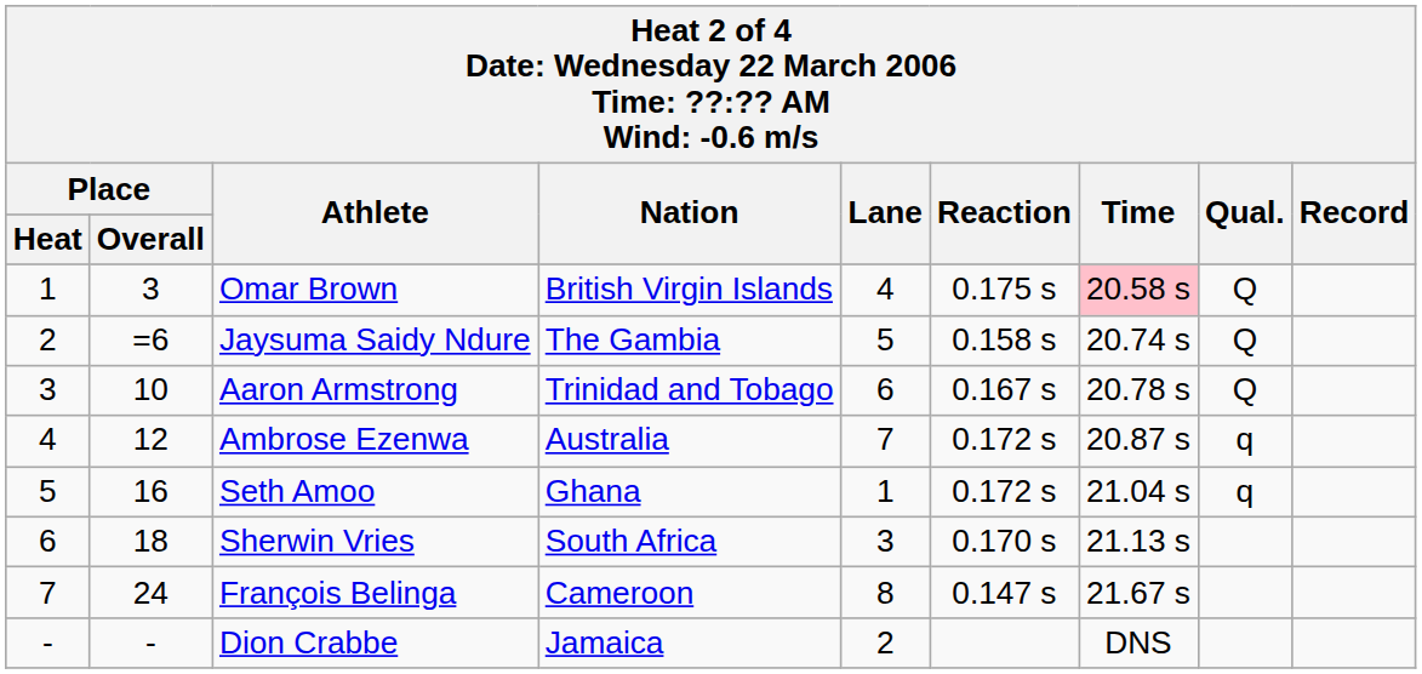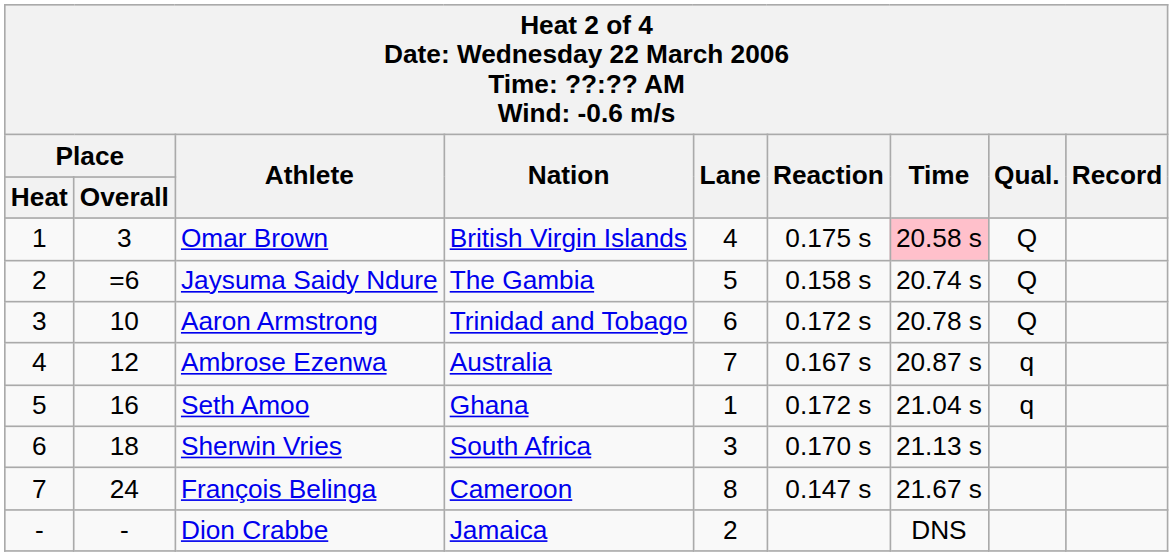 <table class="wikitable">
 <tr>
 <th colspan=9>Heat 2 of 4 <br> Date: Wednesday 22 March 2006 <br> Time: ??:?? AM <br> Wind: -0.6 m/s</th>
 </tr>
 <tr>
 <th colspan=2>Place</th>
 <th rowspan=2>Athlete</th>
 <th rowspan=2>Nation</th>
 <th rowspan=2>Lane</th>
 <th rowspan=2>Reaction</th>
 <th rowspan=2>Time</th>
 <th rowspan=2>Qual.</th>
 <th rowspan=2>Record</th>
 </tr>
 <tr>
 <th>Heat</th>
 <th>Overall</th>
 </tr>
 <tr>
 <td align="center">1</td>
 <td align="center">3</td>
 <td align="left"><a href='#'>Omar Brown</a></td>
 <td align="left"> <a href='#'>British Virgin Islands</a></td>
 <td align="center">4</td>
 <td align="center">0.175 s</td>
 <td align="center" style="background: pink;">20.58 s</td>
 <td align="center">Q</td>
 <td align="center"></td>
 </tr>
 <tr>
 <td align="center">2</td>
 <td align="center">=6</td>
 <td align="left"><a href='#'>Jaysuma Saidy Ndure</a></td>
 <td align="left"> <a href='#'>The Gambia</a></td>
 <td align="center">5</td>
 <td align="center">0.158 s</td>
 <td align="center">20.74 s</td>
 <td align="center">Q</td>
 <td align="center"></td>
 </tr>
 <tr>
 <td align="center">3</td>
 <td align="center">10</td>
 <td align="left"><a href='#'>Aaron Armstrong</a></td>
 <td align="left"> <a href='#'>Trinidad and Tobago</a></td>
 <td align="center">6</td>
-<td align="center">0.167 s</td>
+<td align="center">0.172 s</td>
 <td align="center">20.78 s</td>
 <td align="center">Q</td>
 <td align="center"></td>
 </tr>
 <tr>
 <td align="center">4</td>
 <td align="center">12</td>
 <td align="left"><a href='#'>Ambrose Ezenwa</a></td>
 <td align="left"> <a href='#'>Australia</a></td>
 <td align="center">7</td>
-<td align="center">0.172 s</td>
+<td align="center">0.167 s</td>
 <td align="center">20.87 s</td>
 <td align="center">q</td>
 <td align="center"></td>
 </tr>
 <tr>
 <td align="center">5</td>
 <td align="center">16</td>
 <td align="left"><a href='#'>Seth Amoo</a></td>
 <td align="left"> <a href='#'>Ghana</a></td>
 <td align="center">1</td>
 <td align="center">0.172 s</td>
 <td align="center">21.04 s</td>
 <td align="center">q</td>
 <td align="center"></td>
 </tr>
 <tr>
 <td align="center">6</td>
 <td align="center">18</td>
 <td align="left"><a href='#'>Sherwin Vries</a></td>
 <td align="left"> <a href='#'>South Africa</a></td>
 <td align="center">3</td>
 <td align="center">0.170 s</td>
 <td align="center">21.13 s</td>
 <td align="center"></td>
 <td align="center"></td>
 </tr>
 <tr>
 <td align="center">7</td>
 <td align="center">24</td>
 <td align="left"><a href='#'>François Belinga</a></td>
 <td align="left"> <a href='#'>Cameroon</a></td>
 <td align="center">8</td>
 <td align="center">0.147 s</td>
 <td align="center">21.67 s</td>
 <td align="center"></td>
 <td align="center"></td>
 </tr>
 <tr>
 <td align="center">-</td>
 <td align="center">-</td>
 <td align="left"><a href='#'>Dion Crabbe</a></td>
 <td align="left"> <a href='#'>Jamaica</a></td>
 <td align="center">2</td>
 <td align="center"></td>
 <td align="center">DNS</td>
 <td align="center"></td>
 <td align="center"></td>
 </tr>
 </table>
